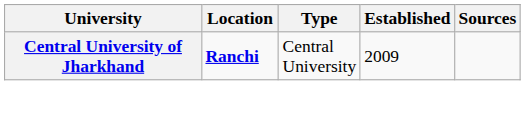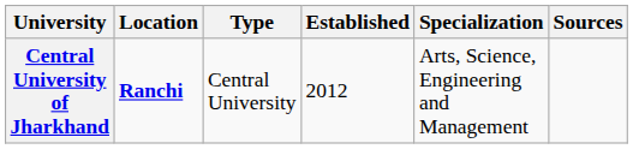 <table class="wikitable collapsible plainrowheaders" style="-align:left; width:76%;">
 <tr>
 <th scope="col" style="width: 40%;">University</th>
 <th scope="col" style="width: 15%;">Location</th>
 <th scope="col" style="width: 10%;">Type</th>
 <th scope="col" style="width: 10%;">Established</th>
+<th scope="col" style="width: 20%;">Specialization</th>
 <th scope="col" style="width: 05%;">Sources</th>
 </tr>
 <tr>
 <th scope="row"><a href='#'>Central University of Jharkhand</a></th>
 <td><strong><a href='#'>Ranchi</a></strong></td>
 <td>Central University</td>
-<td>2009</td>
+<td>2012</td>
+<td>Arts, Science, Engineering and Management</td>
 <td><strong></strong></td>
 </tr>
 </table>
